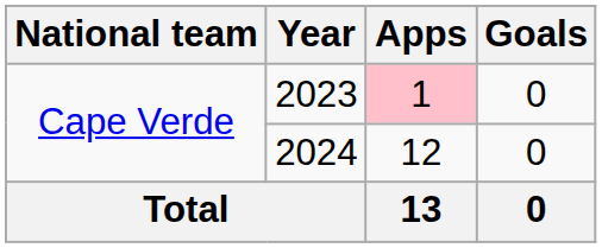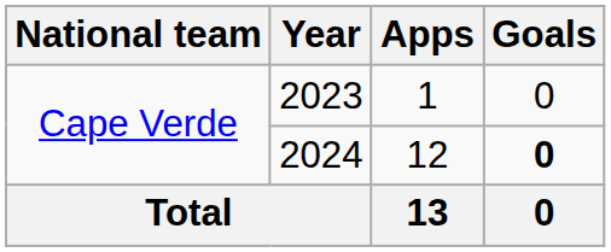 <table class="wikitable" style="text-align: center;">
 <tr>
 <th>National team</th>
 <th>Year</th>
 <th>Apps</th>
 <th>Goals</th>
 </tr>
 <tr>
 <td rowspan="2"><a href='#'>Cape Verde</a></td>
 <td>2023</td>
-<td style="background: pink;">1</td>
+<td>1</td>
 <td>0</td>
 </tr>
 <tr>
 <td>2024</td>
 <td>12</td>
-<td>0</td>
+<td><strong>0</strong></td>
 </tr>
 <tr>
 <th colspan="2">Total</th>
 <th>13</th>
 <th>0</th>
 </tr>
 </table>
